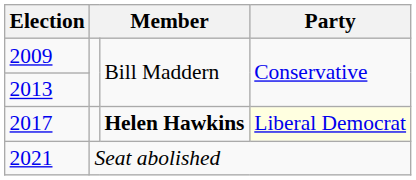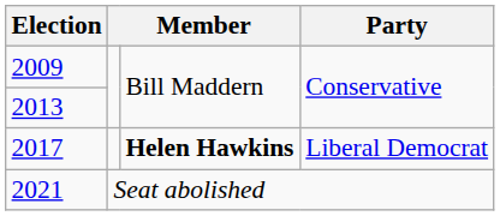 <table class="wikitable">
 <tr>
 <th>Election</th>
 <th colspan="2">Member</th>
 <th>Party</th>
 </tr>
 <tr>
 <td><a href='#'>2009</a></td>
 <td rowspan="2" style="background-color: "></td>
 <td rowspan="2">Bill Maddern</td>
 <td rowspan="2"><a href='#'>Conservative</a></td>
 </tr>
 <tr>
 <td><a href='#'>2013</a></td>
 </tr>
 <tr>
 <td><a href='#'>2017</a></td>
 <td rowspan="1" style="background-color: "></td>
 <td rowspan="1"><strong>Helen Hawkins</strong></td>
-<td rowspan="1" style="background: lightyellow;"><a href='#'>Liberal Democrat</a></td>
+<td rowspan="1"><a href='#'>Liberal Democrat</a></td>
 </tr>
 <tr>
 <td><a href='#'>2021</a></td>
 <td colspan="3"><em>Seat abolished</em></td>
 </tr>
 </table>
